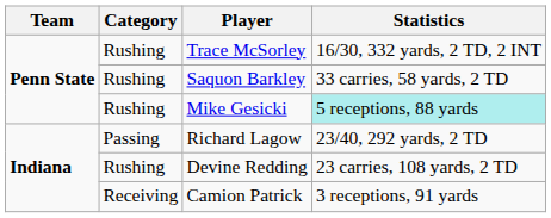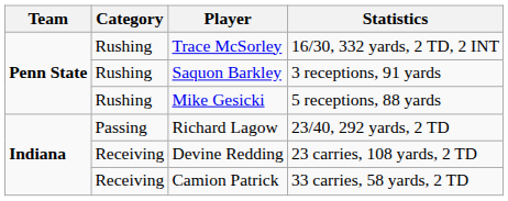 <table class="wikitable" style="float: right;">
 <tr>
 <th>Team</th>
 <th>Category</th>
 <th>Player</th>
 <th>Statistics</th>
 </tr>
 <tr>
 <td rowspan=3><strong>Penn State</strong></td>
 <td>Rushing</td>
 <td><a href='#'>Trace McSorley</a></td>
 <td>16/30, 332 yards,  2 TD, 2 INT</td>
 </tr>
 <tr>
 <td>Rushing</td>
 <td><a href='#'>Saquon Barkley</a></td>
-<td>33 carries, 58 yards, 2 TD</td>
+<td>3 receptions, 91 yards</td>
 </tr>
 <tr>
 <td>Rushing</td>
 <td><a href='#'>Mike Gesicki</a></td>
-<td style="background: paleturquoise;">5 receptions, 88 yards</td>
+<td>5 receptions, 88 yards</td>
 </tr>
 <tr>
 <td rowspan=3><strong>Indiana</strong></td>
 <td>Passing</td>
 <td>Richard Lagow</td>
 <td>23/40, 292 yards, 2 TD</td>
 </tr>
 <tr>
-<td>Rushing</td>
+<td>Receiving</td>
 <td>Devine Redding</td>
 <td>23 carries, 108 yards, 2 TD</td>
 </tr>
 <tr>
 <td>Receiving</td>
 <td>Camion Patrick</td>
-<td>3 receptions, 91 yards</td>
+<td>33 carries, 58 yards, 2 TD</td>
 </tr>
 </table>
